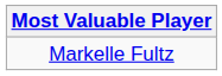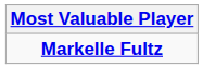 <table class=wikitable style="text-align:center; margin:auto">
 <tr>
 <th><a href='#'>Most Valuable Player</a></th>
 </tr>
 <tr>
-<td> <a href='#'>Markelle Fultz</a></td>
+<td><strong> <a href='#'>Markelle Fultz</a></strong></td>
 </tr>
 </table>
